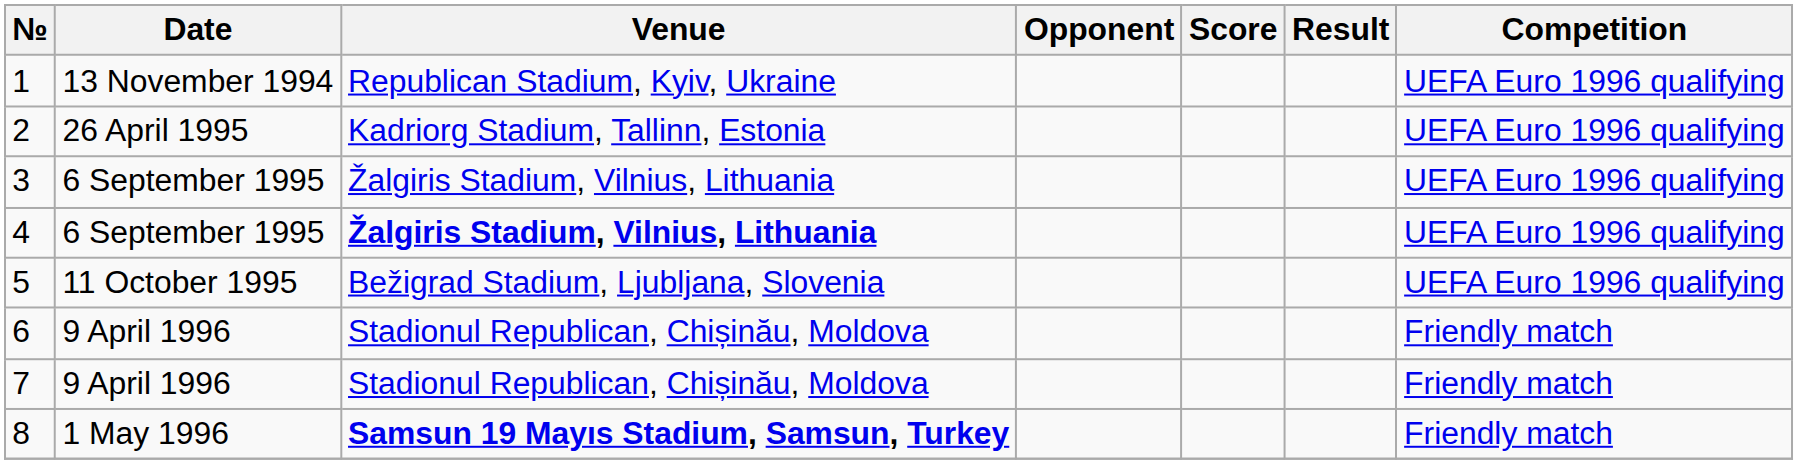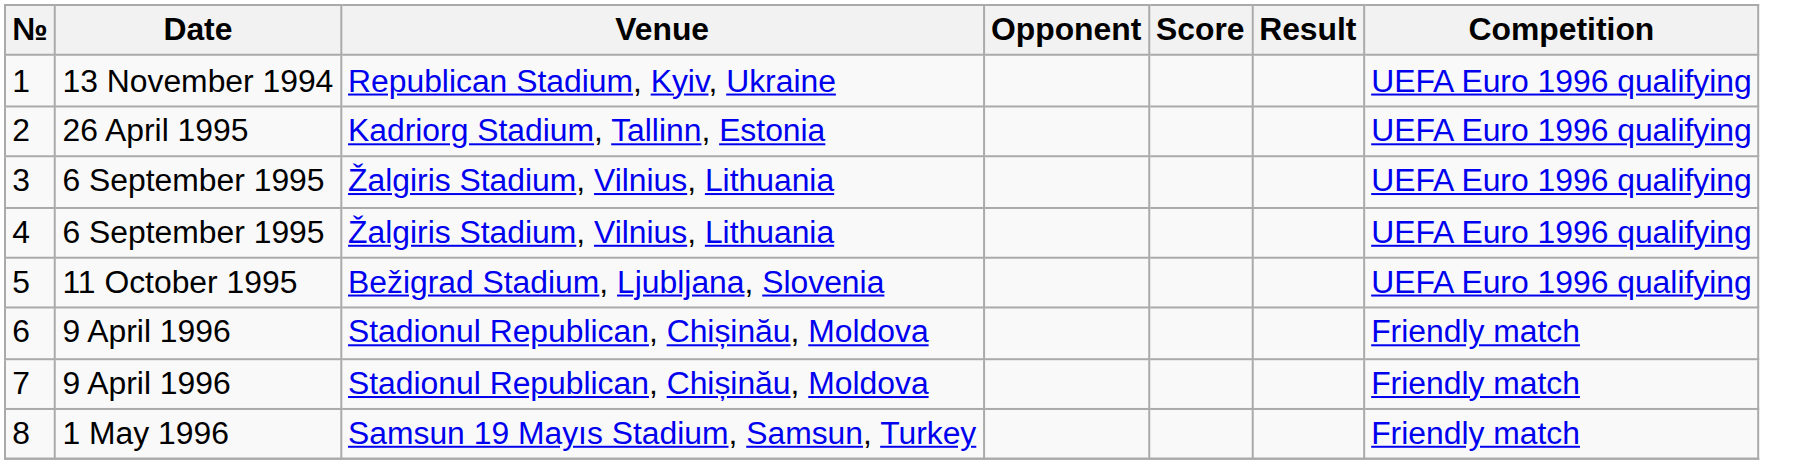 <table class="wikitable">
 <tr>
 <th>№</th>
 <th>Date</th>
 <th>Venue</th>
 <th>Opponent</th>
 <th>Score</th>
 <th>Result</th>
 <th>Competition</th>
 </tr>
 <tr>
 <td>1</td>
 <td>13 November 1994</td>
 <td><a href='#'>Republican Stadium</a>, <a href='#'>Kyiv</a>, <a href='#'>Ukraine</a></td>
 <td></td>
 <td></td>
 <td></td>
 <td><a href='#'>UEFA Euro 1996 qualifying</a></td>
 </tr>
 <tr>
 <td>2</td>
 <td>26 April 1995</td>
 <td><a href='#'>Kadriorg Stadium</a>, <a href='#'>Tallinn</a>, <a href='#'>Estonia</a></td>
 <td></td>
 <td></td>
 <td></td>
 <td><a href='#'>UEFA Euro 1996 qualifying</a></td>
 </tr>
 <tr>
 <td>3</td>
 <td>6 September 1995</td>
 <td><a href='#'>Žalgiris Stadium</a>, <a href='#'>Vilnius</a>, <a href='#'>Lithuania</a></td>
 <td></td>
 <td></td>
 <td></td>
 <td><a href='#'>UEFA Euro 1996 qualifying</a></td>
 </tr>
 <tr>
 <td>4</td>
 <td>6 September 1995</td>
-<td><strong><a href='#'>Žalgiris Stadium</a>, <a href='#'>Vilnius</a>, <a href='#'>Lithuania</a></strong></td>
+<td><a href='#'>Žalgiris Stadium</a>, <a href='#'>Vilnius</a>, <a href='#'>Lithuania</a></td>
 <td></td>
 <td></td>
 <td></td>
 <td><a href='#'>UEFA Euro 1996 qualifying</a></td>
 </tr>
 <tr>
 <td>5</td>
 <td>11 October 1995</td>
 <td><a href='#'>Bežigrad Stadium</a>, <a href='#'>Ljubljana</a>, <a href='#'>Slovenia</a></td>
 <td></td>
 <td></td>
 <td></td>
 <td><a href='#'>UEFA Euro 1996 qualifying</a></td>
 </tr>
 <tr>
 <td>6</td>
 <td>9 April 1996</td>
 <td><a href='#'>Stadionul Republican</a>, <a href='#'>Chișinău</a>, <a href='#'>Moldova</a></td>
 <td></td>
 <td></td>
 <td></td>
 <td><a href='#'>Friendly match</a></td>
 </tr>
 <tr>
 <td>7</td>
 <td>9 April 1996</td>
 <td><a href='#'>Stadionul Republican</a>, <a href='#'>Chișinău</a>, <a href='#'>Moldova</a></td>
 <td></td>
 <td></td>
 <td></td>
 <td><a href='#'>Friendly match</a></td>
 </tr>
 <tr>
 <td>8</td>
 <td>1 May 1996</td>
-<td><strong><a href='#'>Samsun 19 Mayıs Stadium</a>, <a href='#'>Samsun</a>, <a href='#'>Turkey</a></strong></td>
+<td><a href='#'>Samsun 19 Mayıs Stadium</a>, <a href='#'>Samsun</a>, <a href='#'>Turkey</a></td>
 <td></td>
 <td></td>
 <td></td>
 <td><a href='#'>Friendly match</a></td>
 </tr>
 <tr>
 </tr>
 </table>
